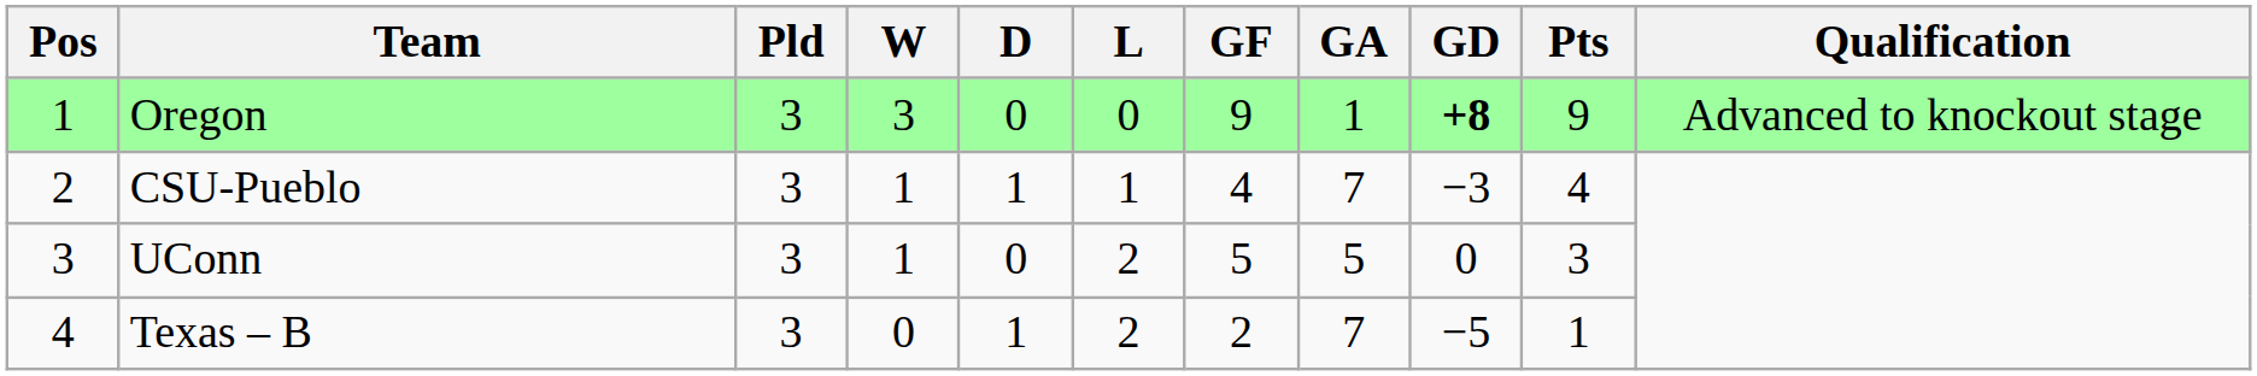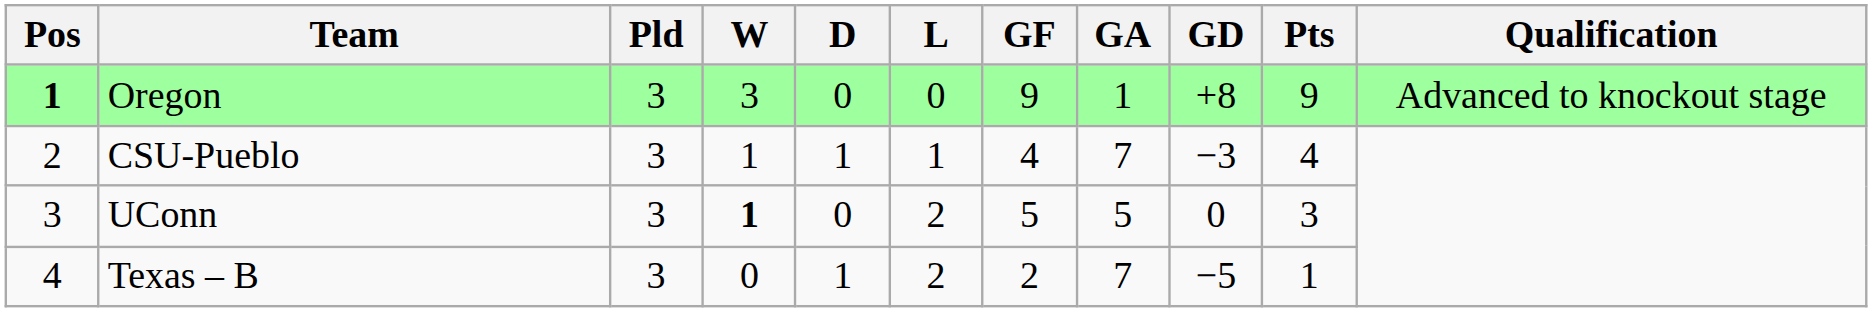 <table class="wikitable" style="text-align:center; margin: 1em auto">
 <tr>
 <th style="width:2em">Pos</th>
 <th style="width:13em">Team</th>
 <th style="width:2em">Pld</th>
 <th style="width:2em">W</th>
 <th style="width:2em">D</th>
 <th style="width:2em">L</th>
 <th style="width:2em">GF</th>
 <th style="width:2em">GA</th>
 <th style="width:2em">GD</th>
 <th style="width:2em">Pts</th>
 <th style="width:13em">Qualification</th>
 </tr>
 <tr bgcolor="#9eff9e">
-<td>1</td>
+<td><strong>1</strong></td>
 <td style="text-align:left">Oregon</td>
 <td>3</td>
 <td>3</td>
 <td>0</td>
 <td>0</td>
 <td>9</td>
 <td>1</td>
-<td><strong>+8</strong></td>
+<td>+8</td>
 <td>9</td>
 <td>Advanced to knockout stage</td>
 </tr>
 <tr>
 <td>2</td>
 <td style="text-align:left">CSU-Pueblo</td>
 <td>3</td>
 <td>1</td>
 <td>1</td>
 <td>1</td>
 <td>4</td>
 <td>7</td>
 <td>−3</td>
 <td>4</td>
 </tr>
 <tr>
 <td>3</td>
 <td style="text-align:left">UConn</td>
 <td>3</td>
-<td>1</td>
+<td><strong>1</strong></td>
 <td>0</td>
 <td>2</td>
 <td>5</td>
 <td>5</td>
 <td>0</td>
 <td>3</td>
 </tr>
 <tr>
 <td>4</td>
 <td style="text-align:left">Texas – B</td>
 <td>3</td>
 <td>0</td>
 <td>1</td>
 <td>2</td>
 <td>2</td>
 <td>7</td>
 <td>−5</td>
 <td>1</td>
 </tr>
 </table>
